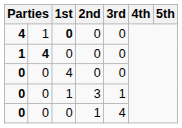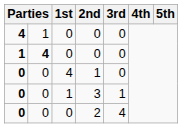 <table class="wikitable" style="text-align:right;">
 <tr>
 <th colspan=2 style="text-align:left;">Parties</th>
 <th>1st</th>
 <th>2nd</th>
 <th>3rd</th>
 <th>4th</th>
 <th>5th</th>
 </tr>
 <tr>
 <td><strong>4</strong></td>
 <td>1</td>
-<td><strong>0</strong></td>
+<td>0</td>
 <td>0</td>
 <td>0</td>
 </tr>
 <tr>
 <td><strong>1</strong></td>
 <td><strong>4</strong></td>
 <td>0</td>
 <td>0</td>
 <td>0</td>
 </tr>
 <tr>
 <td><strong>0</strong></td>
 <td>0</td>
 <td>4</td>
-<td>0</td>
+<td>1</td>
 <td>0</td>
 </tr>
 <tr>
 <td><strong>0</strong></td>
 <td>0</td>
 <td>1</td>
 <td>3</td>
 <td>1</td>
 </tr>
 <tr>
 <td><strong>0</strong></td>
 <td>0</td>
 <td>0</td>
-<td>1</td>
+<td>2</td>
 <td>4</td>
 </tr>
 </table>
